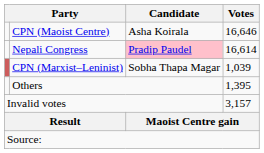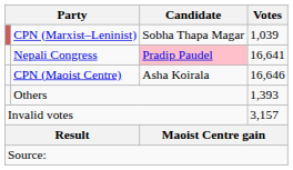 <table class="wikitable">
 <tr>
 <th colspan="2">Party</th>
 <th>Candidate</th>
 <th>Votes</th>
+</tr>
+<tr>
+<td style="background-color:indianred"></td>
+<td><a href='#'>CPN (Marxist–Leninist)</a></td>
+<td>Sobha Thapa Magar</td>
+<td>1,039</td>
+</tr>
+<tr>
+<td style="background-color:"></td>
+<td><a href='#'>Nepali Congress</a></td>
+<td style="background: pink;"><a href='#'>Pradip Paudel</a></td>
+<td>16,641</td>
 </tr>
 <tr>
 <td style="background-color:"></td>
 <td><a href='#'>CPN (Maoist Centre)</a></td>
 <td>Asha Koirala</td>
 <td>16,646</td>
 </tr>
 <tr>
-<td style="background-color:"></td>
-<td><a href='#'>Nepali Congress</a></td>
-<td style="background: pink;"><a href='#'>Pradip Paudel</a></td>
-<td>16,614</td>
-</tr>
-<tr>
-<td style="background-color:indianred"></td>
-<td><a href='#'>CPN (Marxist–Leninist)</a></td>
-<td>Sobha Thapa Magar</td>
-<td>1,039</td>
-</tr>
-<tr>
 <td></td>
 <td colspan="2">Others</td>
-<td>1,395</td>
+<td>1,393</td>
 </tr>
 <tr>
 <td colspan="3">Invalid votes</td>
 <td>3,157</td>
 </tr>
 <tr>
 <th colspan="2">Result</th>
 <th colspan="2">Maoist Centre gain</th>
 </tr>
 <tr>
 <td colspan="4">Source: </td>
 </tr>
 </table>
